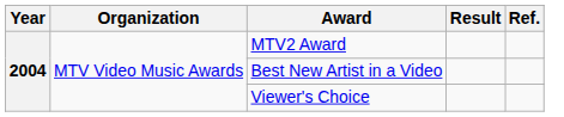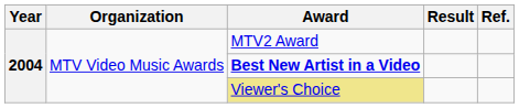 <table class="wikitable">
 <tr>
 <th>Year</th>
 <th>Organization</th>
 <th>Award</th>
 <th>Result</th>
 <th>Ref.</th>
 </tr>
 <tr>
 <th scope="row" rowspan="3">2004</th>
 <td rowspan="3"><a href='#'>MTV Video Music Awards</a></td>
 <td><a href='#'>MTV2 Award</a></td>
 <td></td>
 <td style="text-align:center;"></td>
 </tr>
 <tr>
-<td><a href='#'>Best New Artist in a Video</a></td>
+<td><strong><a href='#'>Best New Artist in a Video</a></strong></td>
 <td></td>
 <td style="text-align:center;"></td>
 </tr>
 <tr>
-<td><a href='#'>Viewer's Choice</a></td>
+<td style="background: khaki;"><a href='#'>Viewer's Choice</a></td>
 <td></td>
 <td style="text-align:center;"></td>
 </tr>
 </table>
